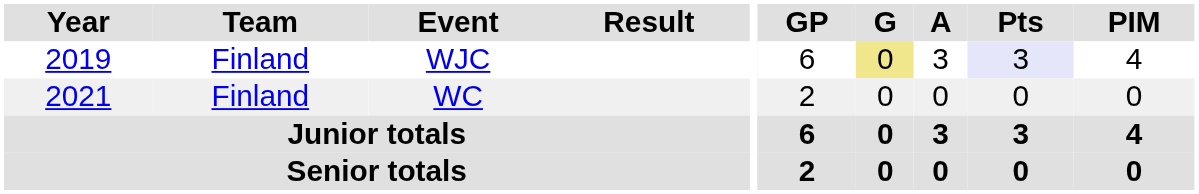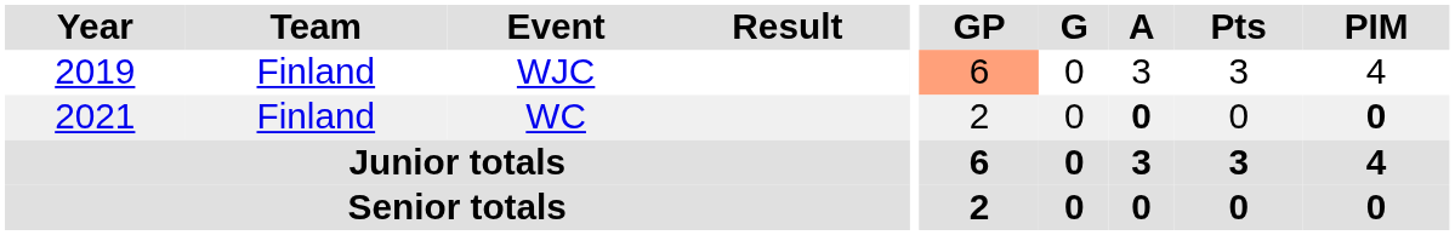 <table border="0" cellpadding="1" cellspacing="0" ID="Table3" style="text-align:center; width:40em">
 <tr bgcolor="#e0e0e0">
 <th>Year</th>
 <th>Team</th>
 <th>Event</th>
 <th>Result</th>
 <th rowspan="102" bgcolor="#ffffff"></th>
 <th>GP</th>
 <th>G</th>
 <th>A</th>
 <th>Pts</th>
 <th>PIM</th>
 </tr>
 <tr>
 <td><a href='#'>2019</a></td>
 <td><a href='#'>Finland</a></td>
 <td><a href='#'>WJC</a></td>
 <td></td>
-<td>6</td>
-<td style="background: khaki;">0</td>
+<td style="background: lightsalmon;">6</td>
+<td>0</td>
 <td>3</td>
-<td style="background: lavender;">3</td>
+<td>3</td>
 <td>4</td>
 </tr>
 <tr bgcolor="#f0f0f0">
 <td><a href='#'>2021</a></td>
 <td><a href='#'>Finland</a></td>
 <td><a href='#'>WC</a></td>
 <td></td>
 <td>2</td>
 <td>0</td>
+<td><strong>0</strong></td>
 <td>0</td>
-<td>0</td>
-<td>0</td>
+<td><strong>0</strong></td>
 </tr>
 <tr bgcolor="#e0e0e0">
 <th colspan="4">Junior totals</th>
 <th>6</th>
 <th>0</th>
 <th>3</th>
 <th>3</th>
 <th>4</th>
 </tr>
 <tr bgcolor="#e0e0e0">
 <th colspan="4">Senior totals</th>
 <th>2</th>
 <th>0</th>
 <th>0</th>
 <th>0</th>
 <th>0</th>
 </tr>
 </table>
